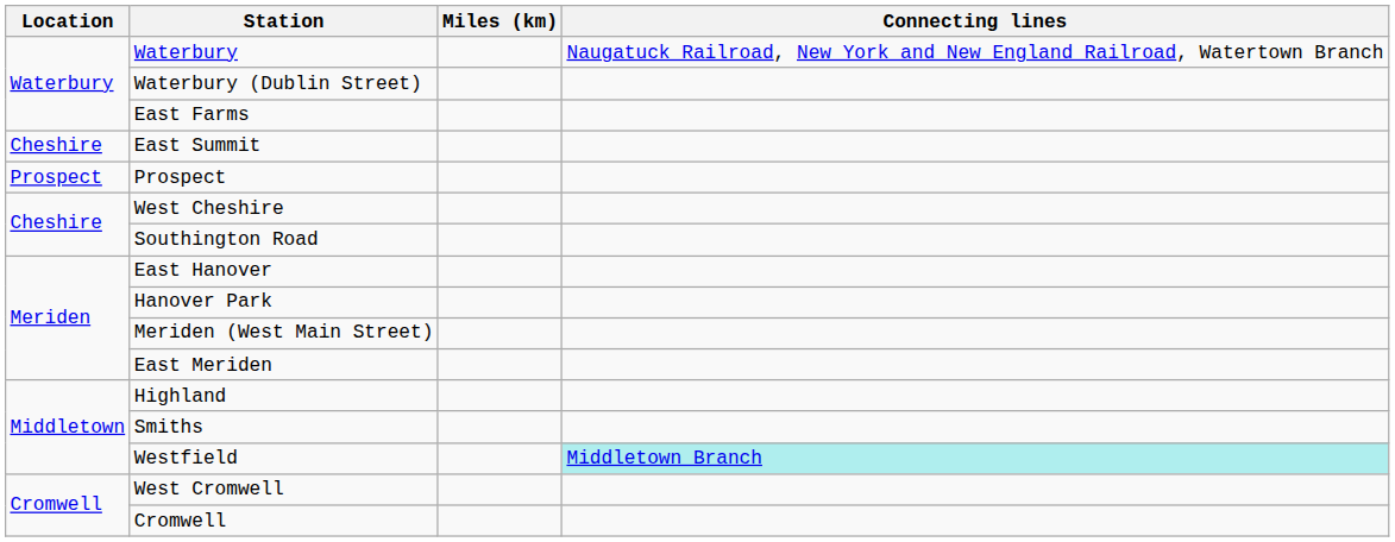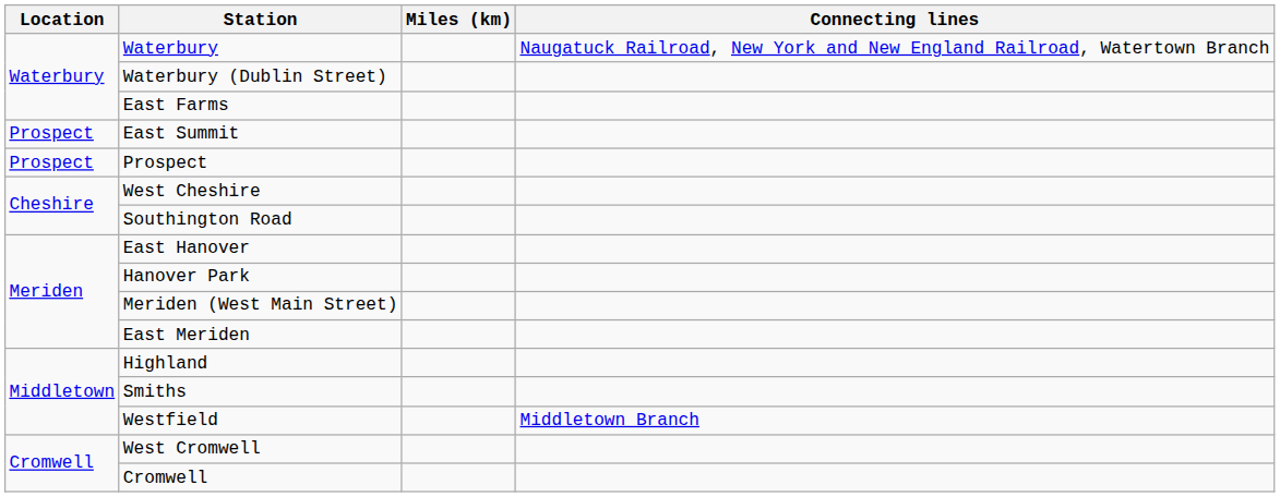 <table class="wikitable">
 <tr>
 <th>Location</th>
 <th>Station</th>
 <th>Miles (km)</th>
 <th>Connecting lines</th>
 </tr>
 <tr>
 <td rowspan="3"><a href='#'>Waterbury</a></td>
 <td><a href='#'>Waterbury</a></td>
 <td></td>
 <td><a href='#'>Naugatuck Railroad</a>, <a href='#'>New York and New England Railroad</a>, Watertown Branch</td>
 </tr>
 <tr>
 <td>Waterbury (Dublin Street)</td>
 <td></td>
 <td></td>
 </tr>
 <tr>
 <td>East Farms</td>
 <td></td>
 <td></td>
 </tr>
 <tr>
-<td><a href='#'>Cheshire</a></td>
+<td><a href='#'>Prospect</a></td>
 <td>East Summit</td>
 <td></td>
 <td></td>
 </tr>
 <tr>
 <td><a href='#'>Prospect</a></td>
 <td>Prospect</td>
 <td></td>
 <td></td>
 </tr>
 <tr>
 <td rowspan="2"><a href='#'>Cheshire</a></td>
 <td>West Cheshire</td>
 <td></td>
 <td></td>
 </tr>
 <tr>
 <td>Southington Road</td>
 <td></td>
 <td></td>
 </tr>
 <tr>
 <td rowspan="4"><a href='#'>Meriden</a></td>
 <td>East Hanover</td>
 <td></td>
 <td></td>
 </tr>
 <tr>
 <td>Hanover Park</td>
 <td></td>
 <td></td>
 </tr>
 <tr>
 <td>Meriden (West Main Street)</td>
 <td></td>
 <td></td>
 </tr>
 <tr>
 <td>East Meriden</td>
 <td></td>
 <td></td>
 </tr>
 <tr>
 <td rowspan="3"><a href='#'>Middletown</a></td>
 <td>Highland</td>
 <td></td>
 <td></td>
 </tr>
 <tr>
 <td>Smiths</td>
 <td></td>
 <td></td>
 </tr>
 <tr>
 <td>Westfield</td>
 <td></td>
-<td style="background: paleturquoise;"><a href='#'>Middletown Branch</a></td>
+<td><a href='#'>Middletown Branch</a></td>
 </tr>
 <tr>
 <td rowspan="2"><a href='#'>Cromwell</a></td>
 <td>West Cromwell</td>
 <td></td>
 <td></td>
 </tr>
 <tr>
 <td>Cromwell</td>
 <td></td>
 <td></td>
 </tr>
 </table>
